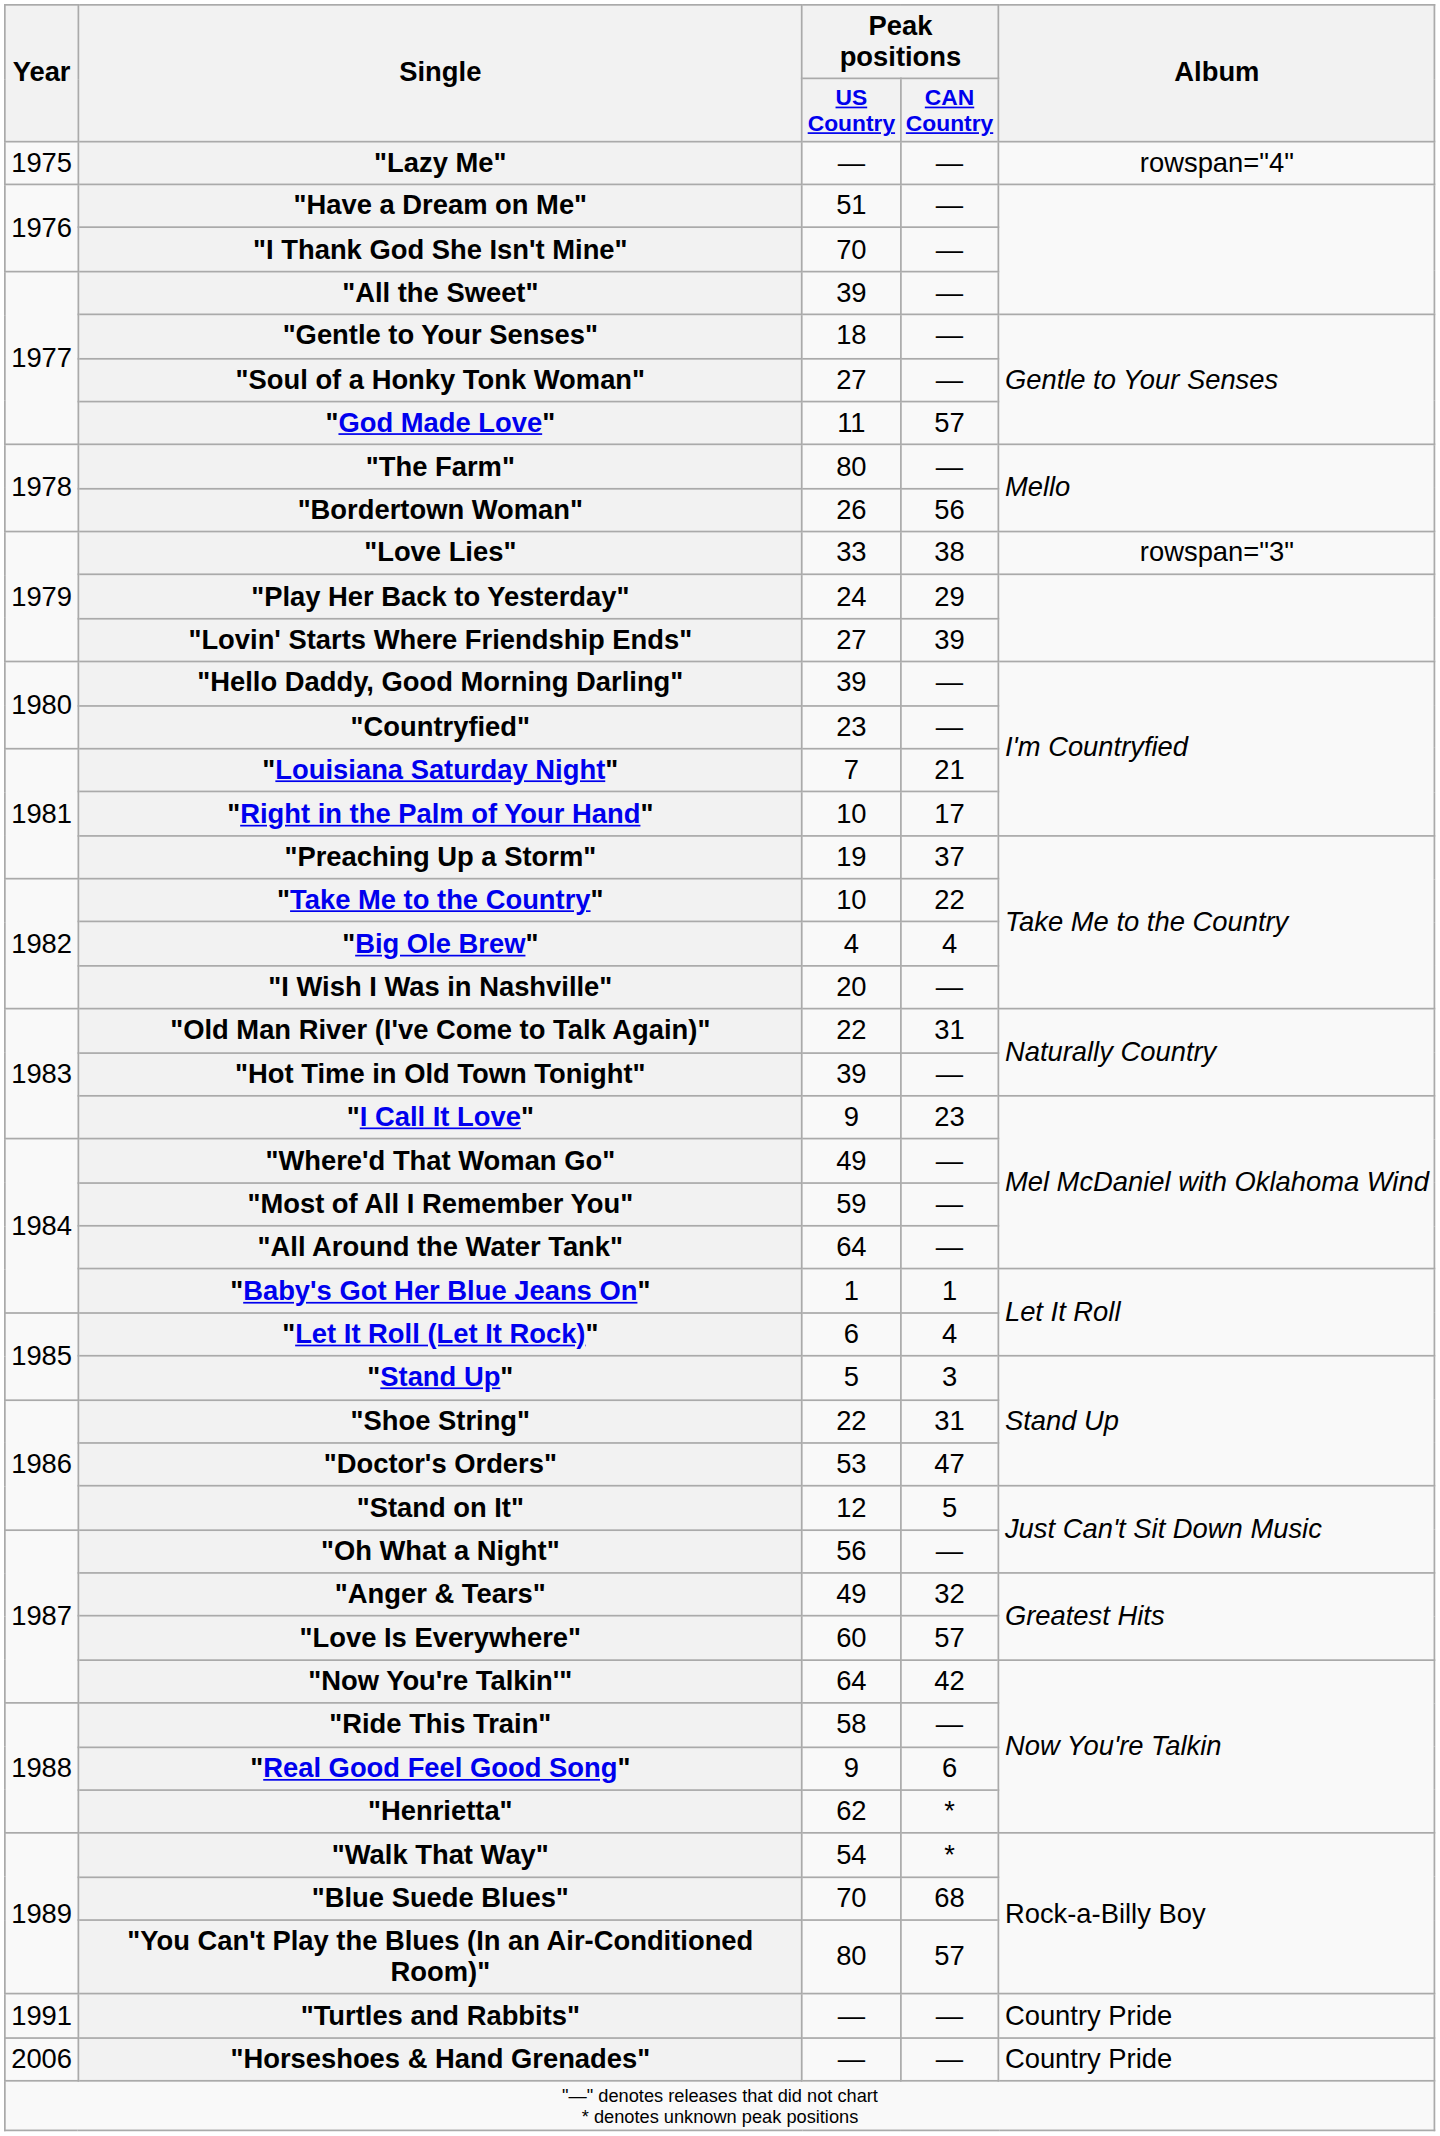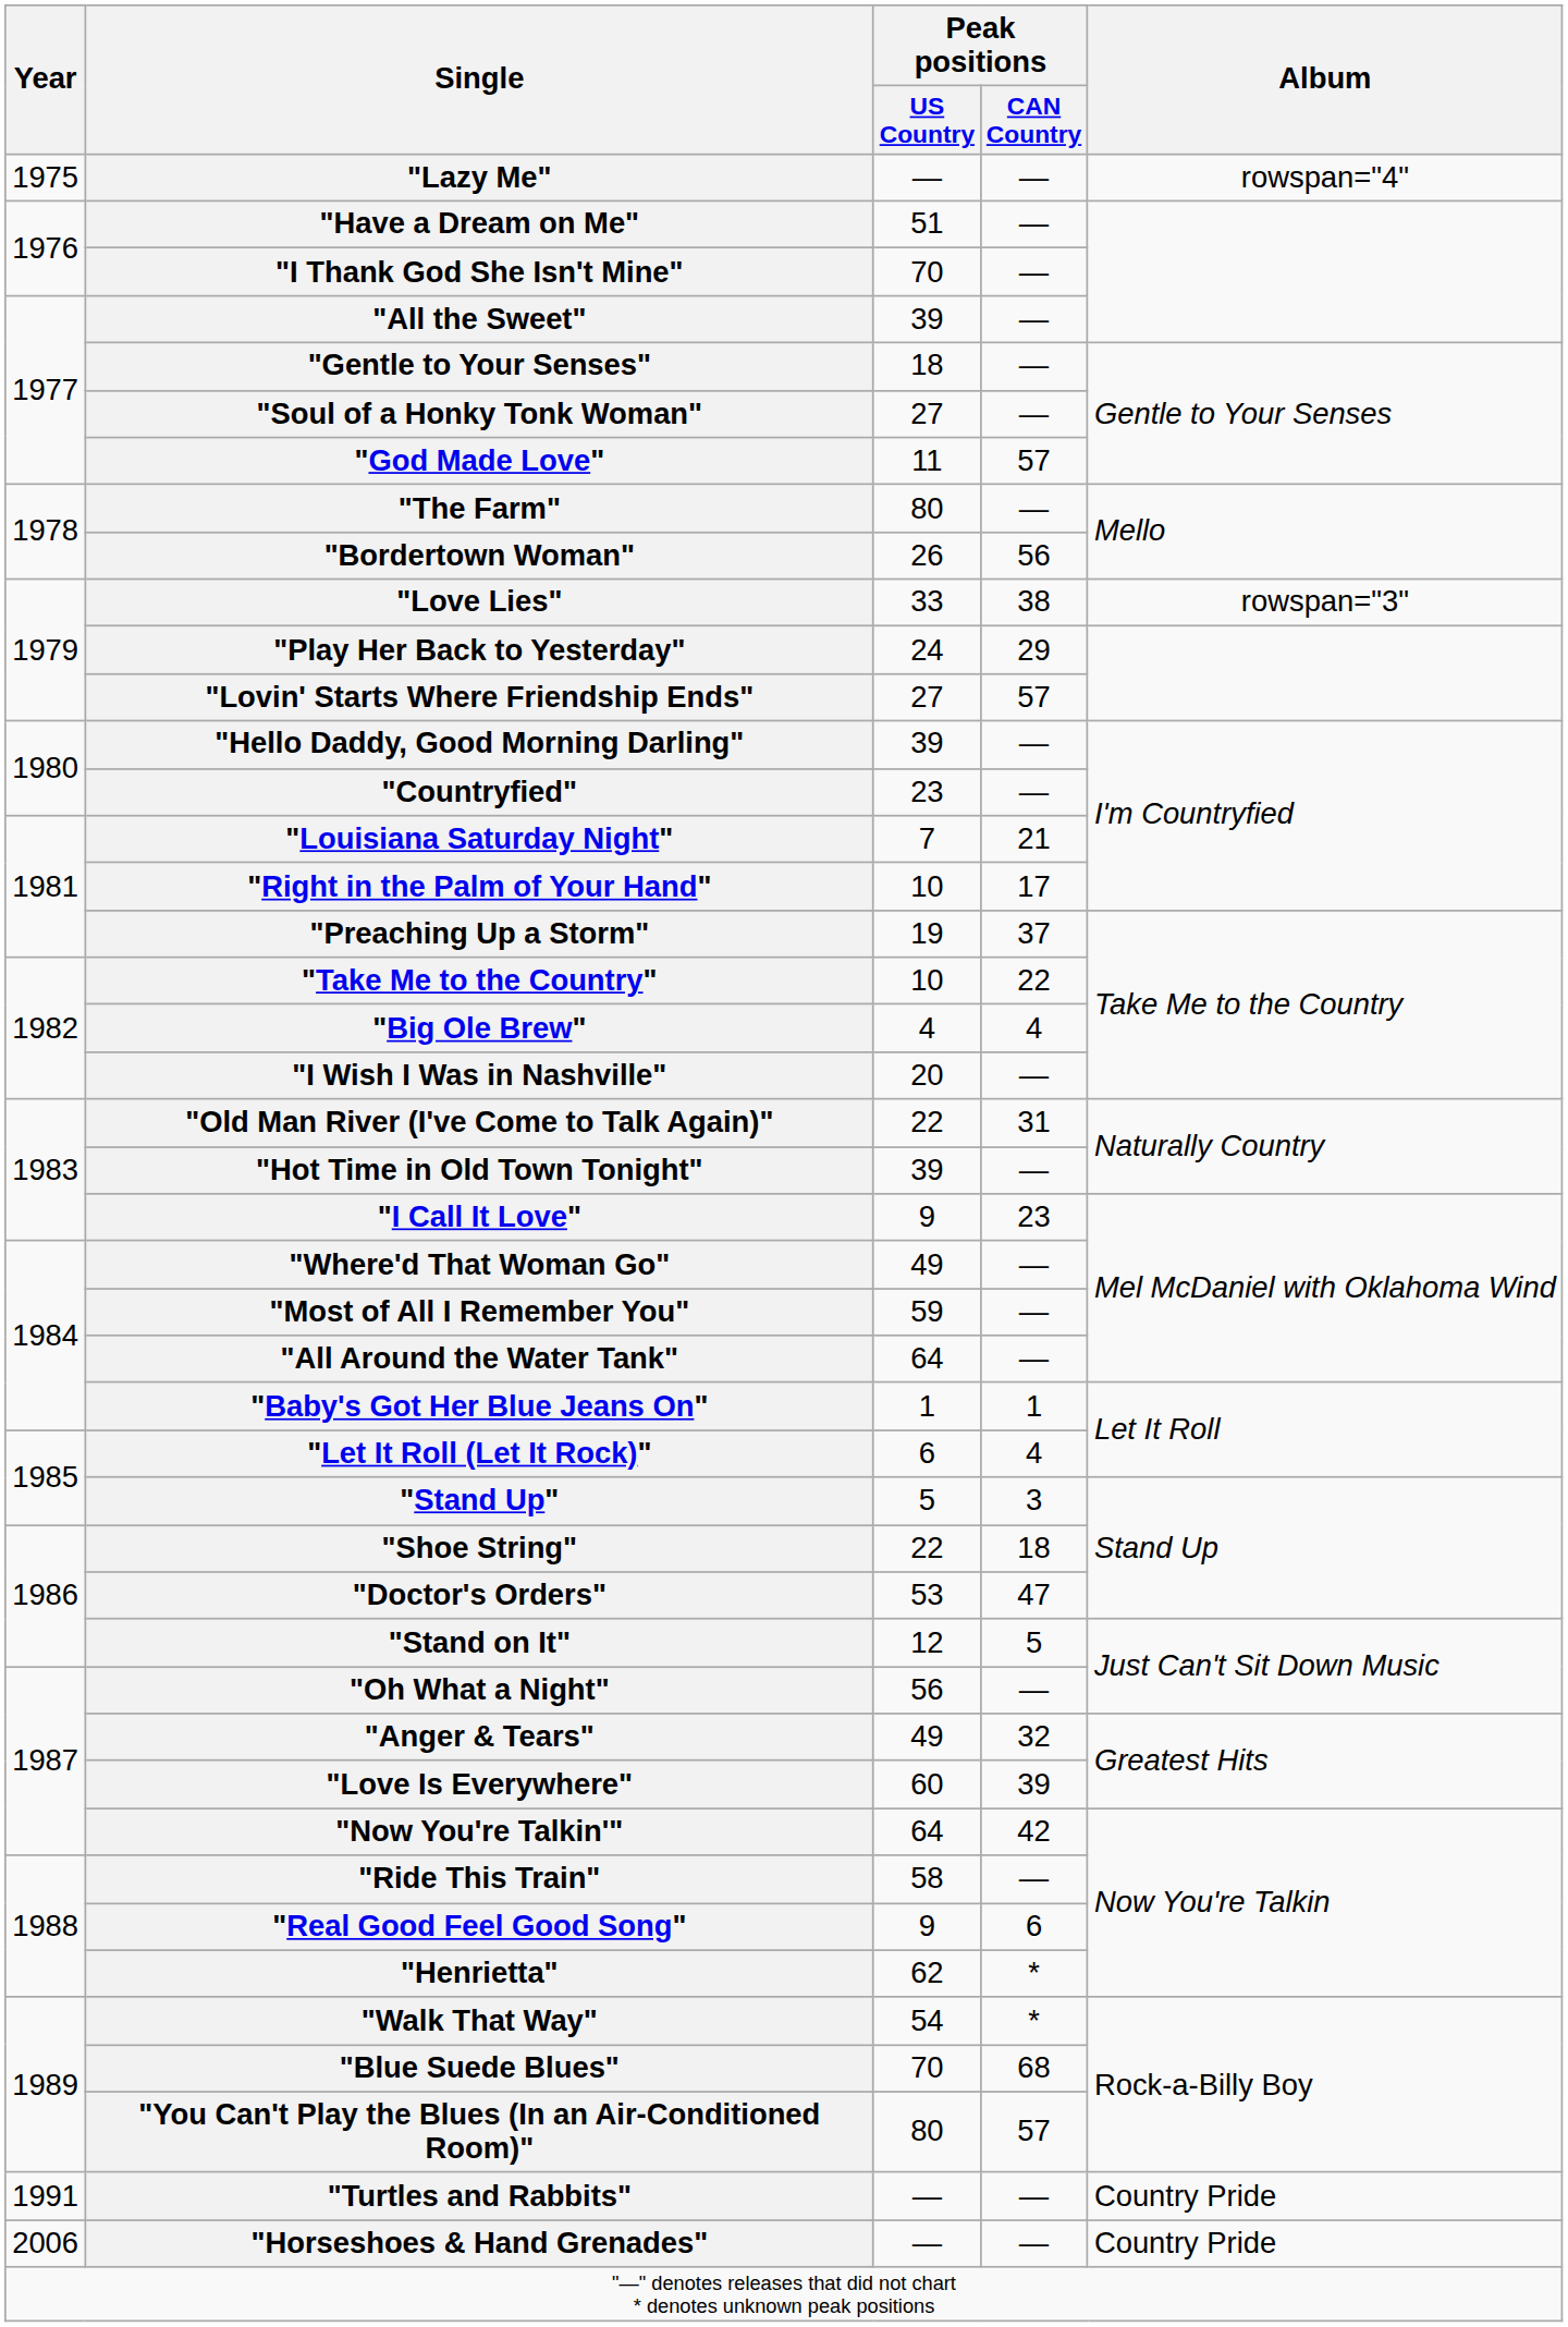 <table class="wikitable plainrowheaders" style="text-align:center;">
 <tr>
 <th rowspan="2">Year</th>
 <th rowspan="2" style="width:26em;">Single</th>
 <th colspan="2">Peak positions</th>
 <th rowspan="2">Album</th>
 </tr>
 <tr style="font-size:smaller;">
 <th style="width:40px;"><a href='#'>US Country</a><br></th>
 <th style="width:40px;"><a href='#'>CAN Country</a></th>
 </tr>
 <tr>
 <td>1975</td>
 <th scope="row">"Lazy Me"</th>
 <td>—</td>
 <td>—</td>
 <td>rowspan="4" </td>
 </tr>
 <tr>
 <td rowspan="2">1976</td>
 <th scope="row">"Have a Dream on Me"</th>
 <td>51</td>
 <td>—</td>
 </tr>
 <tr>
 <th scope="row">"I Thank God She Isn't Mine"</th>
 <td>70</td>
 <td>—</td>
 </tr>
 <tr>
 <td rowspan="4">1977</td>
 <th scope="row">"All the Sweet"</th>
 <td>39</td>
 <td>—</td>
 </tr>
 <tr>
 <th scope="row">"Gentle to Your Senses"</th>
 <td>18</td>
 <td>—</td>
 <td style="text-align:left;" rowspan="3"><em>Gentle to Your Senses</em></td>
 </tr>
 <tr>
 <th scope="row">"Soul of a Honky Tonk Woman"</th>
 <td>27</td>
 <td>—</td>
 </tr>
 <tr>
 <th scope="row">"<a href='#'>God Made Love</a>"</th>
 <td>11</td>
 <td>57</td>
 </tr>
 <tr>
 <td rowspan="2">1978</td>
 <th scope="row">"The Farm"</th>
 <td>80</td>
 <td>—</td>
 <td style="text-align:left;" rowspan="2"><em>Mello</em></td>
 </tr>
 <tr>
 <th scope="row">"Bordertown Woman"</th>
 <td>26</td>
 <td>56</td>
 </tr>
 <tr>
 <td rowspan="3">1979</td>
 <th scope="row">"Love Lies"</th>
 <td>33</td>
 <td>38</td>
 <td>rowspan="3" </td>
 </tr>
 <tr>
 <th scope="row">"Play Her Back to Yesterday"</th>
 <td>24</td>
 <td>29</td>
 </tr>
 <tr>
 <th scope="row">"Lovin' Starts Where Friendship Ends"</th>
 <td>27</td>
-<td>39</td>
+<td>57</td>
 </tr>
 <tr>
 <td rowspan="2">1980</td>
 <th scope="row">"Hello Daddy, Good Morning Darling"</th>
 <td>39</td>
 <td>—</td>
 <td style="text-align:left;" rowspan="4"><em>I'm Countryfied</em></td>
 </tr>
 <tr>
 <th scope="row">"Countryfied"</th>
 <td>23</td>
 <td>—</td>
 </tr>
 <tr>
 <td rowspan="3">1981</td>
 <th scope="row">"<a href='#'>Louisiana Saturday Night</a>"</th>
 <td>7</td>
 <td>21</td>
 </tr>
 <tr>
 <th scope="row">"<a href='#'>Right in the Palm of Your Hand</a>"</th>
 <td>10</td>
 <td>17</td>
 </tr>
 <tr>
 <th scope="row">"Preaching Up a Storm"</th>
 <td>19</td>
 <td>37</td>
 <td style="text-align:left;" rowspan="4"><em>Take Me to the Country</em></td>
 </tr>
 <tr>
 <td rowspan="3">1982</td>
 <th scope="row">"<a href='#'>Take Me to the Country</a>"</th>
 <td>10</td>
 <td>22</td>
 </tr>
 <tr>
 <th scope="row">"<a href='#'>Big Ole Brew</a>"</th>
 <td>4</td>
 <td>4</td>
 </tr>
 <tr>
 <th scope="row">"I Wish I Was in Nashville"</th>
 <td>20</td>
 <td>—</td>
 </tr>
 <tr>
 <td rowspan="3">1983</td>
 <th scope="row">"Old Man River (I've Come to Talk Again)"</th>
 <td>22</td>
 <td>31</td>
 <td style="text-align:left;" rowspan="2"><em>Naturally Country</em></td>
 </tr>
 <tr>
 <th scope="row">"Hot Time in Old Town Tonight"</th>
 <td>39</td>
 <td>—</td>
 </tr>
 <tr>
 <th scope="row">"<a href='#'>I Call It Love</a>"</th>
 <td>9</td>
 <td>23</td>
 <td style="text-align:left;" rowspan="4"><em>Mel McDaniel with Oklahoma Wind</em></td>
 </tr>
 <tr>
 <td rowspan="4">1984</td>
 <th scope="row">"Where'd That Woman Go"</th>
 <td>49</td>
 <td>—</td>
 </tr>
 <tr>
 <th scope="row">"Most of All I Remember You"</th>
 <td>59</td>
 <td>—</td>
 </tr>
 <tr>
 <th scope="row">"All Around the Water Tank"</th>
 <td>64</td>
 <td>—</td>
 </tr>
 <tr>
 <th scope="row">"<a href='#'>Baby's Got Her Blue Jeans On</a>"</th>
 <td>1</td>
 <td>1</td>
 <td style="text-align:left;" rowspan="2"><em>Let It Roll</em></td>
 </tr>
 <tr>
 <td rowspan="2">1985</td>
 <th scope="row">"<a href='#'>Let It Roll (Let It Rock)</a>"</th>
 <td>6</td>
 <td>4</td>
 </tr>
 <tr>
 <th scope="row">"<a href='#'>Stand Up</a>"</th>
 <td>5</td>
 <td>3</td>
 <td style="text-align:left;" rowspan="3"><em>Stand Up</em></td>
 </tr>
 <tr>
 <td rowspan="3">1986</td>
 <th scope="row">"Shoe String"</th>
 <td>22</td>
-<td>31</td>
+<td>18</td>
 </tr>
 <tr>
 <th scope="row">"Doctor's Orders"</th>
 <td>53</td>
 <td>47</td>
 </tr>
 <tr>
 <th scope="row">"Stand on It"</th>
 <td>12</td>
 <td>5</td>
 <td style="text-align:left;" rowspan="2"><em>Just Can't Sit Down Music</em></td>
 </tr>
 <tr>
 <td rowspan="4">1987</td>
 <th scope="row">"Oh What a Night"</th>
 <td>56</td>
 <td>—</td>
 </tr>
 <tr>
 <th scope="row">"Anger & Tears"</th>
 <td>49</td>
 <td>32</td>
 <td style="text-align:left;" rowspan="2"><em>Greatest Hits</em></td>
 </tr>
 <tr>
 <th scope="row">"Love Is Everywhere"</th>
 <td>60</td>
-<td>57</td>
+<td>39</td>
 </tr>
 <tr>
 <th scope="row">"Now You're Talkin'"</th>
 <td>64</td>
 <td>42</td>
 <td style="text-align:left;" rowspan="4"><em>Now You're Talkin<strong></td>
 </tr>
 <tr>
 <td rowspan="3">1988</td>
 <th scope="row">"Ride This Train"</th>
 <td>58</td>
 <td>—</td>
 </tr>
 <tr>
 <th scope="row">"<a href='#'>Real Good Feel Good Song</a>"</th>
 <td>9</td>
 <td>6</td>
 </tr>
 <tr>
 <th scope="row">"Henrietta"</th>
 <td>62</td>
 <td>*</td>
 </tr>
 <tr>
 <td rowspan="3">1989</td>
 <th scope="row">"Walk That Way"</th>
 <td>54</td>
 <td>*</td>
 <td style="text-align:left;" rowspan="3"></em>Rock-a-Billy Boy<em></td>
 </tr>
 <tr>
 <th scope="row">"Blue Suede Blues"</th>
 <td>70</td>
 <td>68</td>
 </tr>
 <tr>
 <th scope="row">"You Can't Play the Blues (In an Air-Conditioned Room)"</th>
 <td>80</td>
 <td>57</td>
 </tr>
 <tr>
 <td>1991</td>
 <th scope="row">"Turtles and Rabbits"</th>
 <td>—</td>
 <td>—</td>
 <td style="text-align:left;"></em>Country Pride<em></td>
 </tr>
 <tr>
 <td>2006</td>
 <th scope="row">"Horseshoes & Hand Grenades"</th>
 <td>—</td>
 <td>—</td>
 <td style="text-align:left;"></em>Country Pride<em></td>
 </tr>
 <tr>
 <td colspan="5" style="font-size: 8pt">"—" denotes releases that did not chart<br>* denotes unknown peak positions</td>
 </tr>
 </table>
